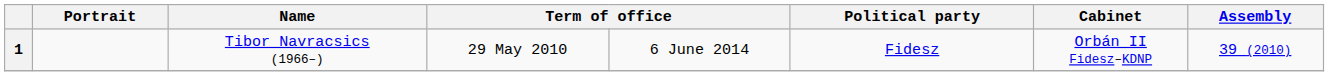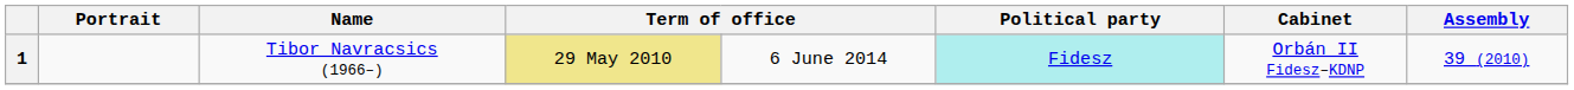 <table class="wikitable" style="width:90%; text-align:center;">
 <tr>
 <th></th>
 <th>Portrait</th>
 <th>Name<br></th>
 <th colspan=2>Term of office</th>
 <th>Political party</th>
 <th>Cabinet</th>
 <th><a href='#'>Assembly</a><br></th>
 </tr>
 <tr>
 <th style="background:">1</th>
 <td></td>
 <td><a href='#'>Tibor Navracsics</a><br><small>(1966–)</small></td>
-<td>29 May 2010</td>
+<td style="background: khaki;">29 May 2010</td>
 <td>6 June 2014</td>
-<td><a href='#'>Fidesz</a></td>
+<td style="background: paleturquoise;"><a href='#'>Fidesz</a></td>
 <td><a href='#'>Orbán II</a><br><small><a href='#'>Fidesz</a>–<a href='#'>KDNP</a></small></td>
 <td><a href='#'>39 <small>(2010)</small></a></td>
 </tr>
 <tr>
 </tr>
 </table>
